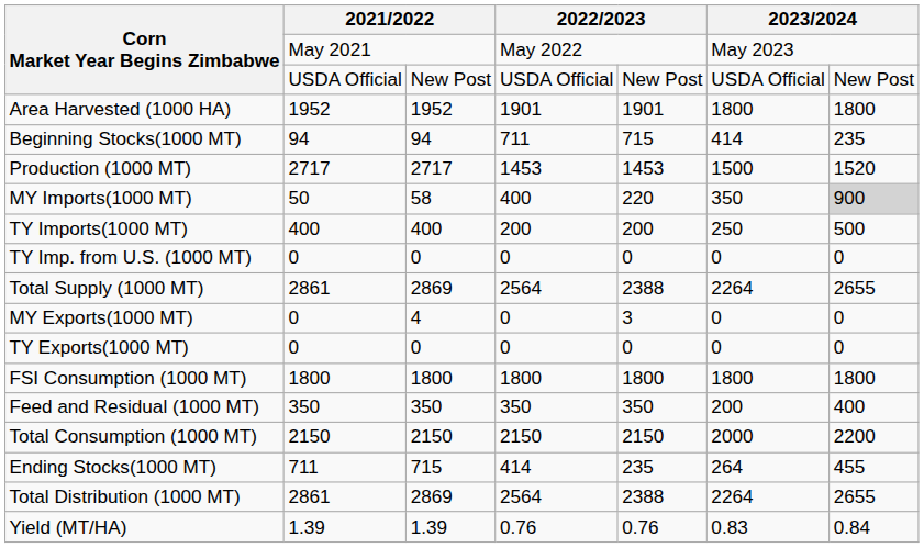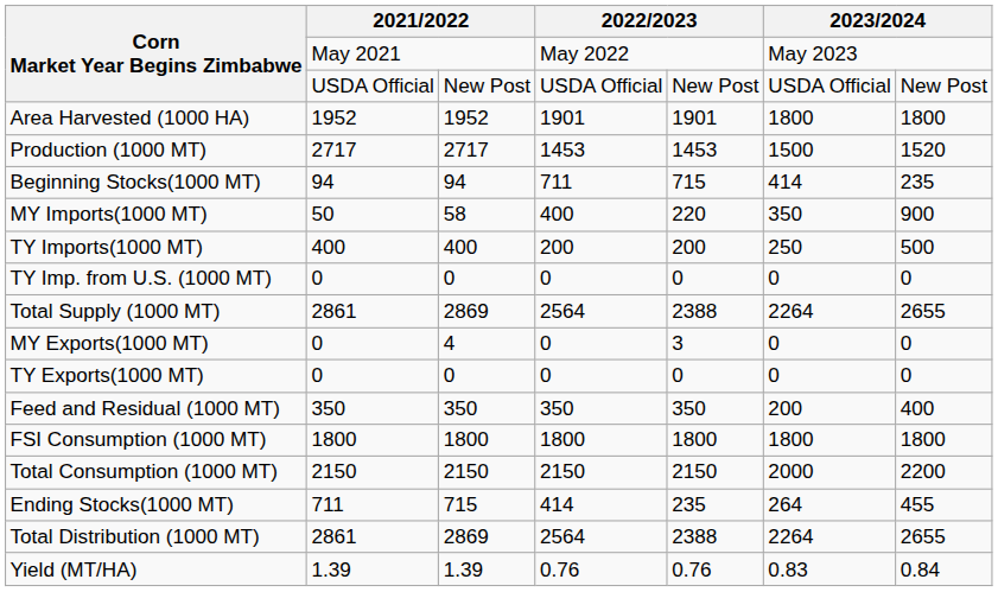 <table class="wikitable">
 <tr>
 <th rowspan="3">Corn<br>Market Year Begins Zimbabwe</th>
 <th colspan="2">2021/2022</th>
 <th colspan="2">2022/2023</th>
 <th colspan="2">2023/2024</th>
 </tr>
 <tr>
 <td colspan="2">May 2021</td>
 <td colspan="2">May 2022</td>
 <td colspan="2">May 2023</td>
 </tr>
 <tr>
 <td>USDA Official</td>
 <td>New Post</td>
 <td>USDA Official</td>
 <td>New Post</td>
 <td>USDA Official</td>
 <td>New Post</td>
 </tr>
 <tr>
 <td>Area Harvested (1000 HA)</td>
 <td>1952</td>
 <td>1952</td>
 <td>1901</td>
 <td>1901</td>
 <td>1800</td>
 <td>1800</td>
 </tr>
 <tr>
+<td>Production (1000 MT)</td>
+<td>2717</td>
+<td>2717</td>
+<td>1453</td>
+<td>1453</td>
+<td>1500</td>
+<td>1520</td>
+</tr>
+<tr>
 <td>Beginning Stocks(1000 MT)</td>
 <td>94</td>
 <td>94</td>
 <td>711</td>
 <td>715</td>
 <td>414</td>
 <td>235</td>
 </tr>
 <tr>
-<td>Production (1000 MT)</td>
-<td>2717</td>
-<td>2717</td>
-<td>1453</td>
-<td>1453</td>
-<td>1500</td>
-<td>1520</td>
-</tr>
-<tr>
 <td>MY Imports(1000 MT)</td>
 <td>50</td>
 <td>58</td>
 <td>400</td>
 <td>220</td>
 <td>350</td>
-<td style="background: lightgrey;">900</td>
+<td>900</td>
 </tr>
 <tr>
 <td>TY Imports(1000 MT)</td>
 <td>400</td>
 <td>400</td>
 <td>200</td>
 <td>200</td>
 <td>250</td>
 <td>500</td>
 </tr>
 <tr>
 <td>TY Imp. from U.S. (1000 MT)</td>
 <td>0</td>
 <td>0</td>
 <td>0</td>
 <td>0</td>
 <td>0</td>
 <td>0</td>
 </tr>
 <tr>
 <td>Total Supply (1000 MT)</td>
 <td>2861</td>
 <td>2869</td>
 <td>2564</td>
 <td>2388</td>
 <td>2264</td>
 <td>2655</td>
 </tr>
 <tr>
 <td>MY Exports(1000 MT)</td>
 <td>0</td>
 <td>4</td>
 <td>0</td>
 <td>3</td>
 <td>0</td>
 <td>0</td>
 </tr>
 <tr>
 <td>TY Exports(1000 MT)</td>
 <td>0</td>
 <td>0</td>
 <td>0</td>
 <td>0</td>
 <td>0</td>
 <td>0</td>
 </tr>
 <tr>
+<td>Feed and Residual (1000 MT)</td>
+<td>350</td>
+<td>350</td>
+<td>350</td>
+<td>350</td>
+<td>200</td>
+<td>400</td>
+</tr>
+<tr>
 <td>FSI Consumption (1000 MT)</td>
 <td>1800</td>
 <td>1800</td>
 <td>1800</td>
 <td>1800</td>
 <td>1800</td>
 <td>1800</td>
-</tr>
-<tr>
-<td>Feed and Residual (1000 MT)</td>
-<td>350</td>
-<td>350</td>
-<td>350</td>
-<td>350</td>
-<td>200</td>
-<td>400</td>
 </tr>
 <tr>
 <td>Total Consumption (1000 MT)</td>
 <td>2150</td>
 <td>2150</td>
 <td>2150</td>
 <td>2150</td>
 <td>2000</td>
 <td>2200</td>
 </tr>
 <tr>
 <td>Ending Stocks(1000 MT)</td>
 <td>711</td>
 <td>715</td>
 <td>414</td>
 <td>235</td>
 <td>264</td>
 <td>455</td>
 </tr>
 <tr>
 <td>Total Distribution (1000 MT)</td>
 <td>2861</td>
 <td>2869</td>
 <td>2564</td>
 <td>2388</td>
 <td>2264</td>
 <td>2655</td>
 </tr>
 <tr>
 <td>Yield (MT/HA)</td>
 <td>1.39</td>
 <td>1.39</td>
 <td>0.76</td>
 <td>0.76</td>
 <td>0.83</td>
 <td>0.84</td>
 </tr>
 </table>
